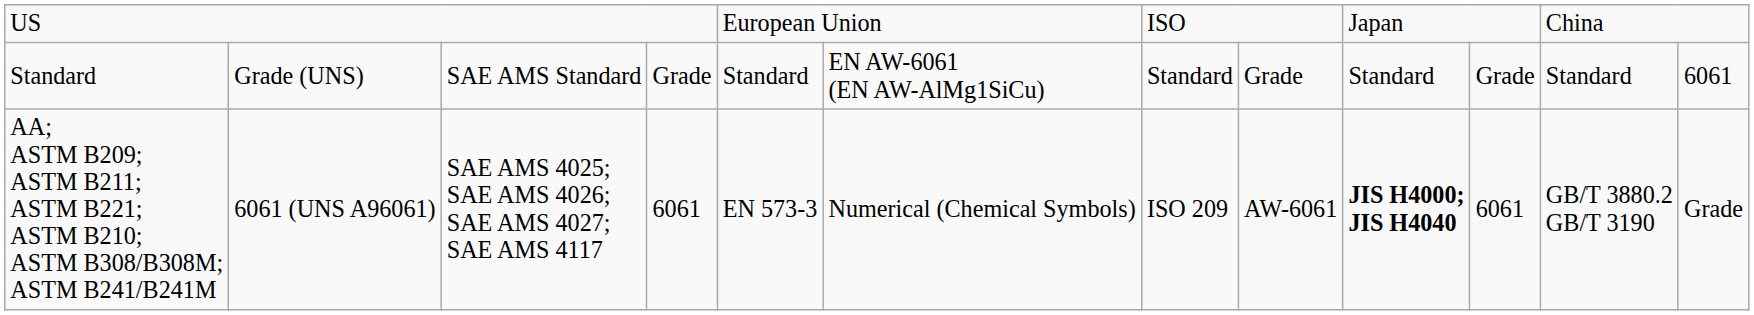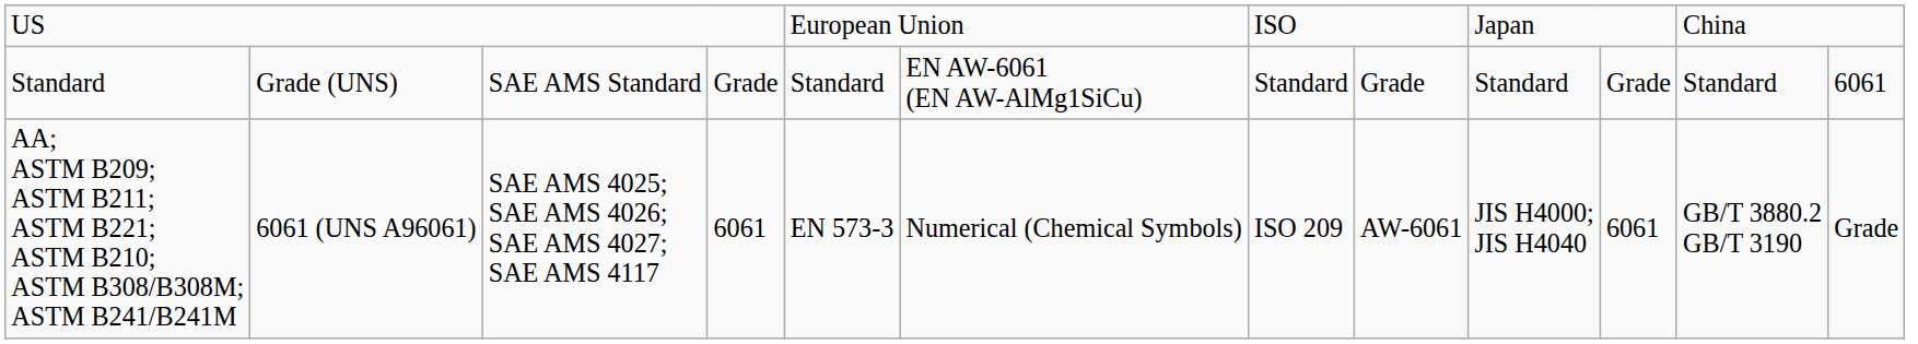 <table class="wikitable">
 <tr>
 <td colspan="4">US</td>
 <td colspan="2">European Union</td>
 <td colspan="2">ISO</td>
 <td colspan="2">Japan</td>
 <td colspan="2">China</td>
 </tr>
 <tr>
 <td>Standard</td>
 <td>Grade (UNS)</td>
 <td>SAE AMS Standard</td>
 <td>Grade</td>
 <td>Standard</td>
 <td>EN AW-6061<br>(EN AW-AlMg1SiCu)</td>
 <td>Standard</td>
 <td>Grade</td>
 <td>Standard</td>
 <td>Grade</td>
 <td>Standard</td>
 <td>6061</td>
 </tr>
 <tr>
 <td>AA;<br>ASTM B209;<br>ASTM B211;<br>ASTM B221;<br>ASTM B210;<br>ASTM B308/B308M;<br>ASTM B241/B241M</td>
 <td>6061 (UNS A96061)</td>
 <td>SAE AMS 4025;<br>SAE AMS 4026;<br>SAE AMS 4027;<br>SAE AMS 4117</td>
 <td>6061</td>
 <td>EN 573-3</td>
 <td>Numerical (Chemical Symbols)</td>
 <td>ISO 209</td>
 <td>AW-6061</td>
-<td><strong>JIS H4000;<br>JIS H4040</strong></td>
+<td>JIS H4000;<br>JIS H4040</td>
 <td>6061</td>
 <td>GB/T 3880.2<br>GB/T 3190</td>
 <td>Grade</td>
 </tr>
 </table>
